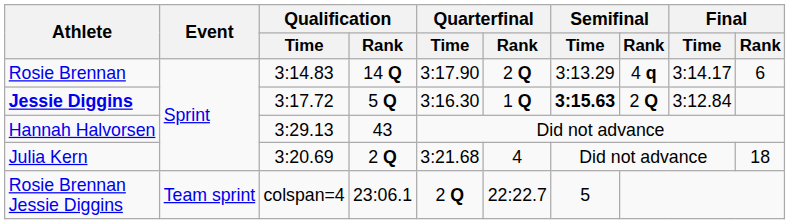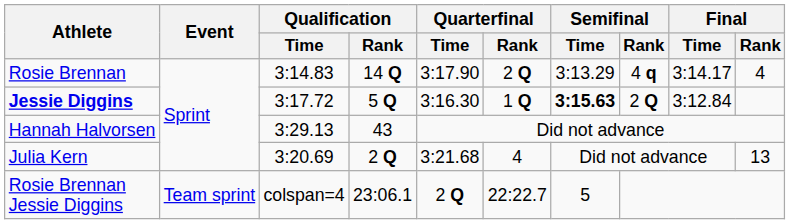 <table class=wikitable style=font-size:90%;text-align:center>
 <tr>
 <th rowspan=2>Athlete</th>
 <th rowspan=2>Event</th>
 <th colspan=2>Qualification</th>
 <th colspan=2>Quarterfinal</th>
 <th colspan=2>Semifinal</th>
 <th colspan=2>Final</th>
 </tr>
 <tr style=font-size:95%>
 <th>Time</th>
 <th>Rank</th>
 <th>Time</th>
 <th>Rank</th>
 <th>Time</th>
 <th>Rank</th>
 <th>Time</th>
 <th>Rank</th>
 </tr>
 <tr>
 <td align=left><a href='#'>Rosie Brennan</a></td>
 <td align=left rowspan=4><a href='#'>Sprint</a></td>
 <td>3:14.83</td>
 <td>14 <strong>Q</strong></td>
 <td>3:17.90</td>
 <td>2 <strong>Q</strong></td>
 <td>3:13.29</td>
 <td>4 <strong>q</strong></td>
 <td>3:14.17</td>
-<td>6</td>
+<td>4</td>
 </tr>
 <tr>
 <td align=left><strong><a href='#'>Jessie Diggins</a></strong></td>
 <td>3:17.72</td>
 <td>5 <strong>Q</strong></td>
 <td>3:16.30</td>
 <td>1 <strong>Q</strong></td>
 <td><strong>3:15.63</strong></td>
 <td>2 <strong>Q</strong></td>
 <td>3:12.84</td>
 <td></td>
 </tr>
 <tr>
 <td align=left><a href='#'>Hannah Halvorsen</a></td>
 <td>3:29.13</td>
 <td>43</td>
 <td colspan=6>Did not advance</td>
 </tr>
 <tr>
 <td align=left><a href='#'>Julia Kern</a></td>
 <td>3:20.69</td>
 <td>2 <strong>Q</strong></td>
 <td>3:21.68</td>
 <td>4</td>
 <td colspan=3>Did not advance</td>
-<td>18</td>
+<td>13</td>
 </tr>
 <tr>
 <td align=left><a href='#'>Rosie Brennan</a><br><a href='#'>Jessie Diggins</a></td>
 <td align=left><a href='#'>Team sprint</a></td>
 <td>colspan=4 </td>
 <td>23:06.1</td>
 <td>2 <strong>Q</strong></td>
 <td>22:22.7</td>
 <td>5</td>
 </tr>
 </table>
